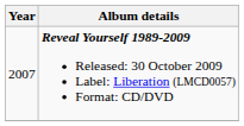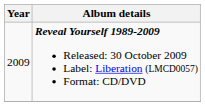 <table class="wikitable" border="1">
 <tr>
 <th>Year</th>
 <th>Album details</th>
 </tr>
 <tr>
-<td>2007</td>
+<td>2009</td>
 <td><strong><em>Reveal Yourself 1989-2009</em></strong><br><ul><li>Released: 30 October 2009</li><li>Label: <a href='#'>Liberation</a> <small>(LMCD0057)</small></li><li>Format: CD/DVD</li></ul></td>
 </tr>
 <tr>
 </tr>
 </table>
